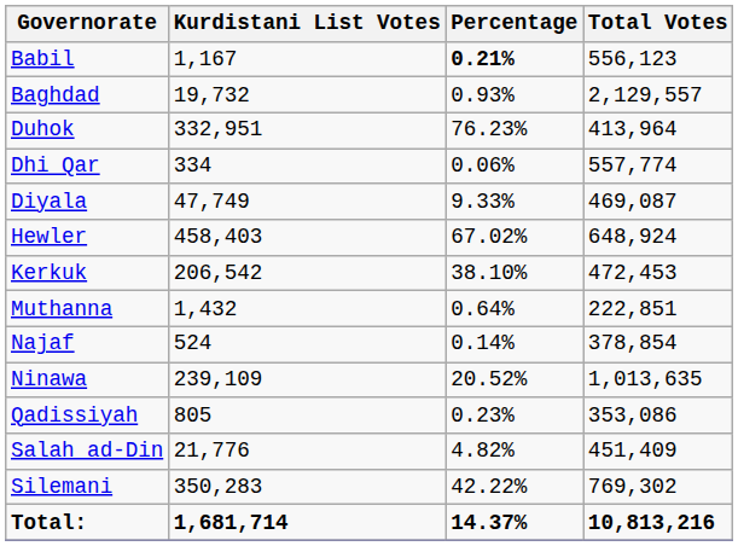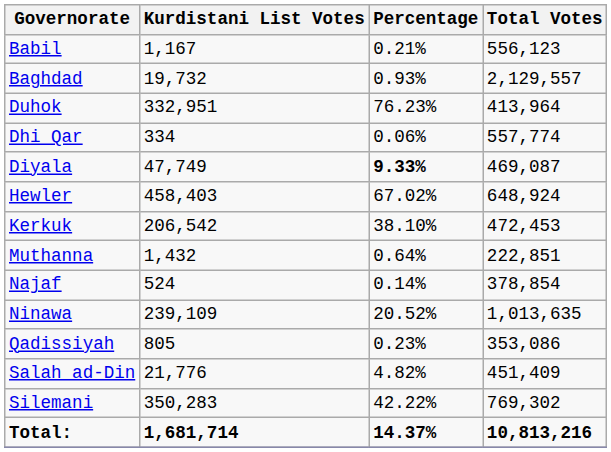 <table class=wikitable style="border:1px solid #8888aa; background-color:#f8f8f8; padding:0px; font-size:90%;">
 <tr>
 <th>Governorate</th>
 <th>Kurdistani List Votes</th>
 <th>Percentage</th>
 <th>Total Votes</th>
 </tr>
 <tr>
 <td><a href='#'>Babil</a></td>
 <td>1,167</td>
-<td><strong>0.21%</strong></td>
+<td>0.21%</td>
 <td>556,123</td>
 </tr>
 <tr>
 <td><a href='#'>Baghdad</a></td>
 <td>19,732</td>
 <td>0.93%</td>
 <td>2,129,557</td>
 </tr>
 <tr>
 <td><a href='#'>Duhok</a></td>
 <td>332,951</td>
 <td>76.23%</td>
 <td>413,964</td>
 </tr>
 <tr>
 <td><a href='#'>Dhi Qar</a></td>
 <td>334</td>
 <td>0.06%</td>
 <td>557,774</td>
 </tr>
 <tr>
 <td><a href='#'>Diyala</a></td>
 <td>47,749</td>
-<td>9.33%</td>
+<td><strong>9.33%</strong></td>
 <td>469,087</td>
 </tr>
 <tr>
 <td><a href='#'>Hewler</a></td>
 <td>458,403</td>
 <td>67.02%</td>
 <td>648,924</td>
 </tr>
 <tr>
 <td><a href='#'>Kerkuk</a></td>
 <td>206,542</td>
 <td>38.10%</td>
 <td>472,453</td>
 </tr>
 <tr>
 <td><a href='#'>Muthanna</a></td>
 <td>1,432</td>
 <td>0.64%</td>
 <td>222,851</td>
 </tr>
 <tr>
 <td><a href='#'>Najaf</a></td>
 <td>524</td>
 <td>0.14%</td>
 <td>378,854</td>
 </tr>
 <tr>
 <td><a href='#'>Ninawa</a></td>
 <td>239,109</td>
 <td>20.52%</td>
 <td>1,013,635</td>
 </tr>
 <tr>
 <td><a href='#'>Qadissiyah</a></td>
 <td>805</td>
 <td>0.23%</td>
 <td>353,086</td>
 </tr>
 <tr>
 <td><a href='#'>Salah ad-Din</a></td>
 <td>21,776</td>
 <td>4.82%</td>
 <td>451,409</td>
 </tr>
 <tr>
 <td><a href='#'>Silemani</a></td>
 <td>350,283</td>
 <td>42.22%</td>
 <td>769,302</td>
 </tr>
 <tr>
 <td><strong>Total:</strong></td>
 <td><strong>1,681,714</strong> </td>
 <td><strong>14.37%</strong></td>
 <td><strong>10,813,216</strong></td>
 </tr>
 <tr>
 </tr>
 </table>
